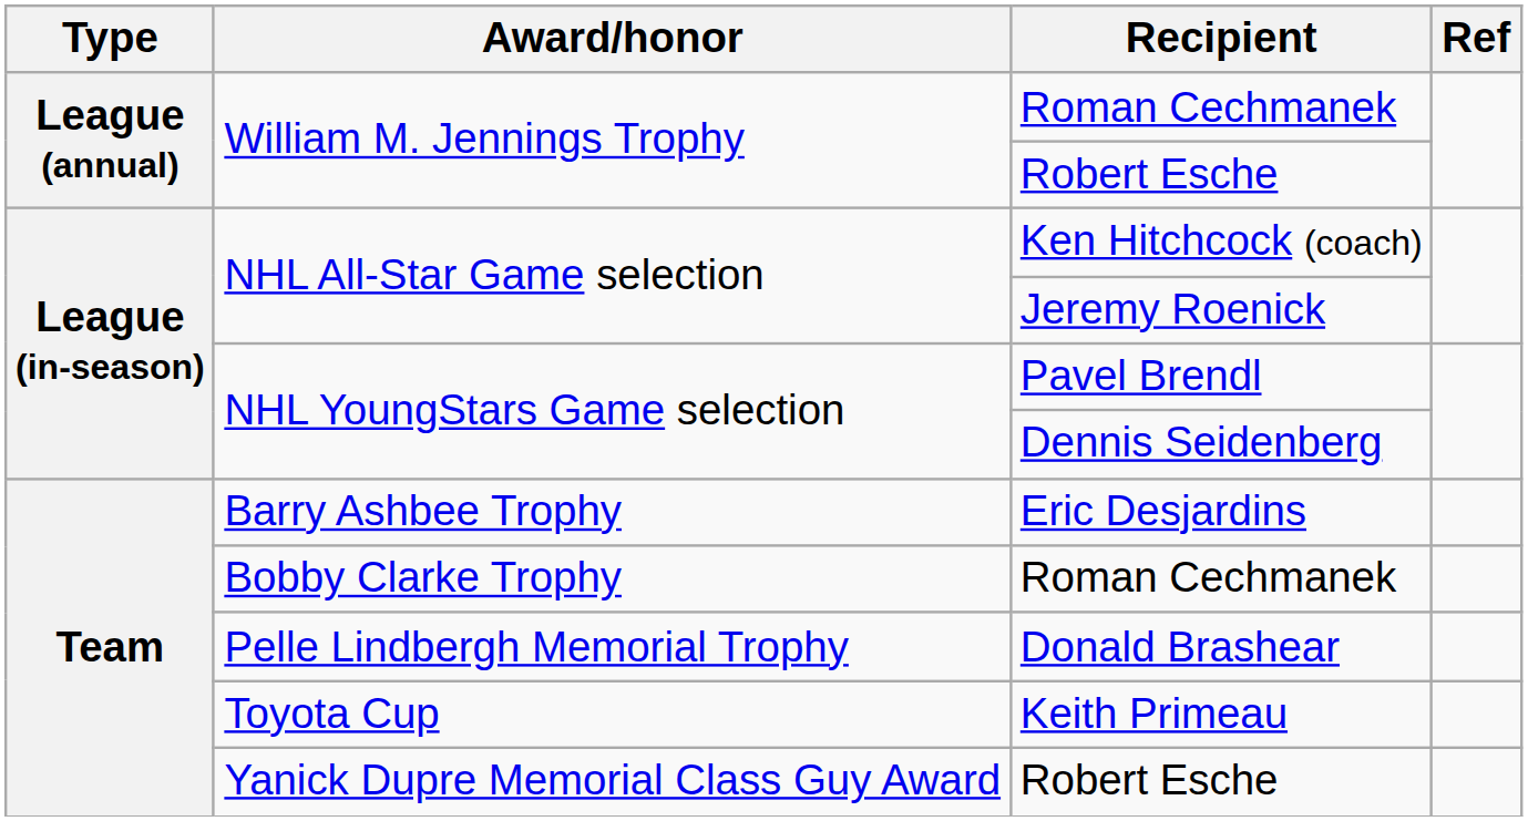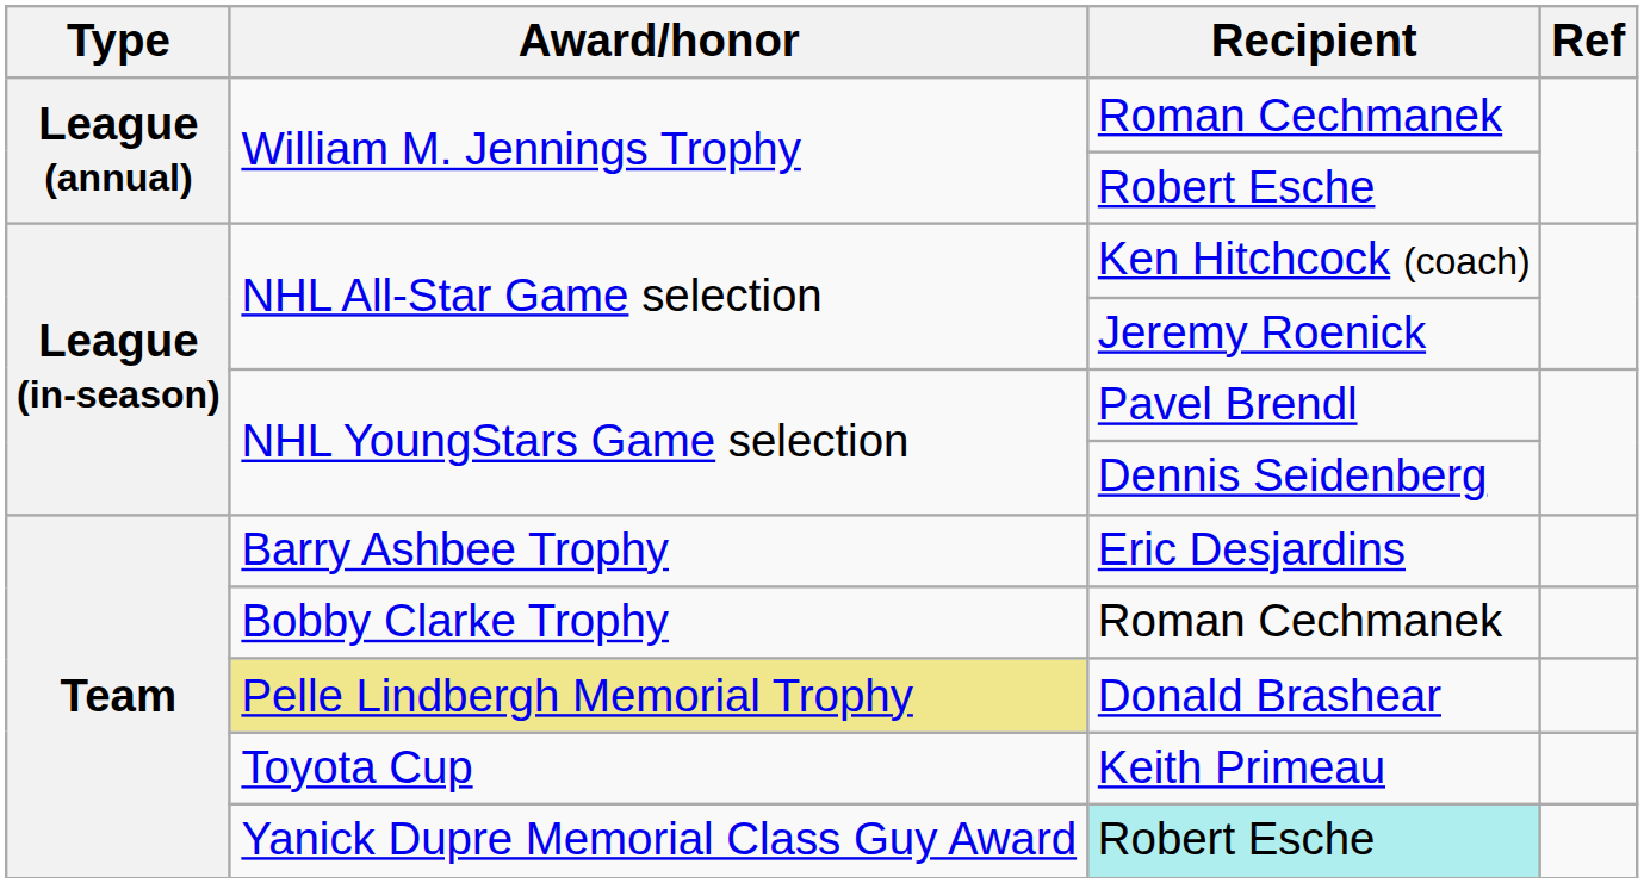 <table class="wikitable">
 <tr>
 <th scope="col">Type</th>
 <th scope="col">Award/honor</th>
 <th scope="col">Recipient</th>
 <th scope="col">Ref</th>
 </tr>
 <tr>
 <th scope="row" rowspan="2">League<br><small>(annual)</small></th>
 <td rowspan="2"><a href='#'>William M. Jennings Trophy</a></td>
 <td><a href='#'>Roman Cechmanek</a></td>
 <td rowspan="2"></td>
 </tr>
 <tr>
 <td><a href='#'>Robert Esche</a></td>
 </tr>
 <tr>
 <th scope="row" rowspan="4">League<br><small>(in-season)</small></th>
 <td rowspan="2"><a href='#'>NHL All-Star Game</a> selection</td>
 <td><a href='#'>Ken Hitchcock</a> <small>(coach)</small></td>
 <td rowspan="2"></td>
 </tr>
 <tr>
 <td><a href='#'>Jeremy Roenick</a></td>
 </tr>
 <tr>
 <td rowspan="2"><a href='#'>NHL YoungStars Game</a> selection</td>
 <td><a href='#'>Pavel Brendl</a></td>
 <td rowspan="2"></td>
 </tr>
 <tr>
 <td><a href='#'>Dennis Seidenberg</a></td>
 </tr>
 <tr>
 <th scope="row" rowspan="5">Team</th>
 <td><a href='#'>Barry Ashbee Trophy</a></td>
 <td><a href='#'>Eric Desjardins</a></td>
 <td></td>
 </tr>
 <tr>
 <td><a href='#'>Bobby Clarke Trophy</a></td>
 <td>Roman Cechmanek</td>
 <td></td>
 </tr>
 <tr>
-<td><a href='#'>Pelle Lindbergh Memorial Trophy</a></td>
+<td style="background: khaki;"><a href='#'>Pelle Lindbergh Memorial Trophy</a></td>
 <td><a href='#'>Donald Brashear</a></td>
 <td></td>
 </tr>
 <tr>
 <td><a href='#'>Toyota Cup</a></td>
 <td><a href='#'>Keith Primeau</a></td>
 <td></td>
 </tr>
 <tr>
 <td><a href='#'>Yanick Dupre Memorial Class Guy Award</a></td>
-<td>Robert Esche</td>
+<td style="background: paleturquoise;">Robert Esche</td>
 <td></td>
 </tr>
 </table>
